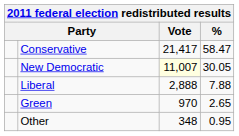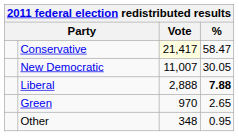 <table class="wikitable">
 <tr>
 <th colspan="4"><a href='#'>2011 federal election</a> redistributed results</th>
 </tr>
 <tr>
 <th bgcolor="#DDDDFF" width="130px" colspan="2">Party</th>
 <th bgcolor="#DDDDFF" width="50px">Vote</th>
 <th bgcolor="#DDDDFF" width="30px">%</th>
 </tr>
 <tr>
 <td> </td>
 <td><a href='#'>Conservative</a></td>
-<td align=right>21,417</td>
+<td align=right style="background: lightyellow;">21,417</td>
 <td align=right>58.47</td>
 </tr>
 <tr>
 <td> </td>
 <td><a href='#'>New Democratic</a></td>
-<td align=right style="background: lightyellow;">11,007</td>
+<td align=right>11,007</td>
 <td align=right>30.05</td>
 </tr>
 <tr>
 <td> </td>
 <td><a href='#'>Liberal</a></td>
 <td align=right>2,888</td>
-<td align=right>7.88</td>
+<td align=right><strong>7.88</strong></td>
 </tr>
 <tr>
 <td> </td>
 <td><a href='#'>Green</a></td>
 <td align=right>970</td>
 <td align=right>2.65</td>
 </tr>
 <tr>
 <td> </td>
 <td>Other</td>
 <td align=right>348</td>
 <td align=right>0.95</td>
 </tr>
 </table>
